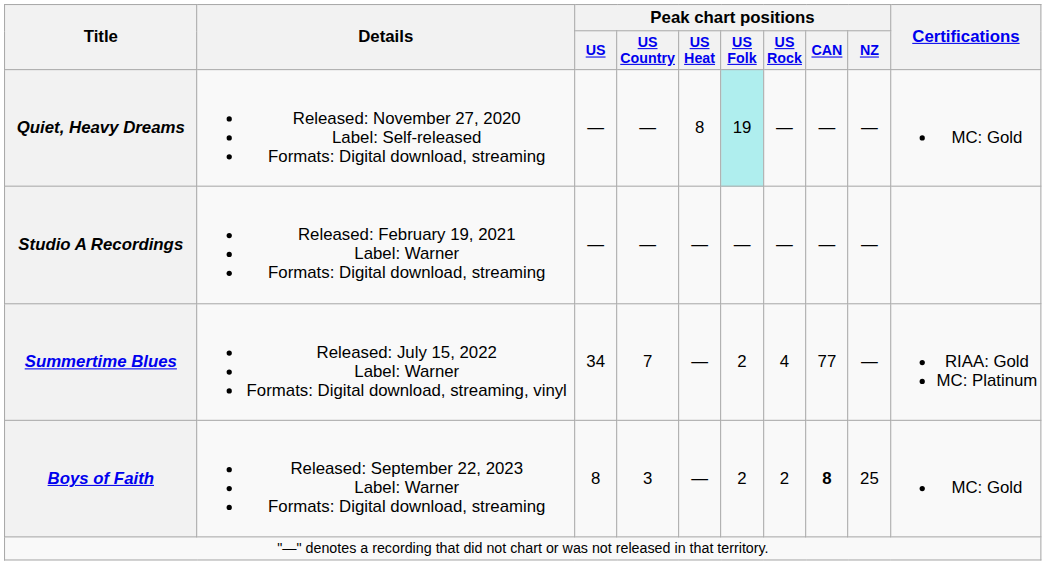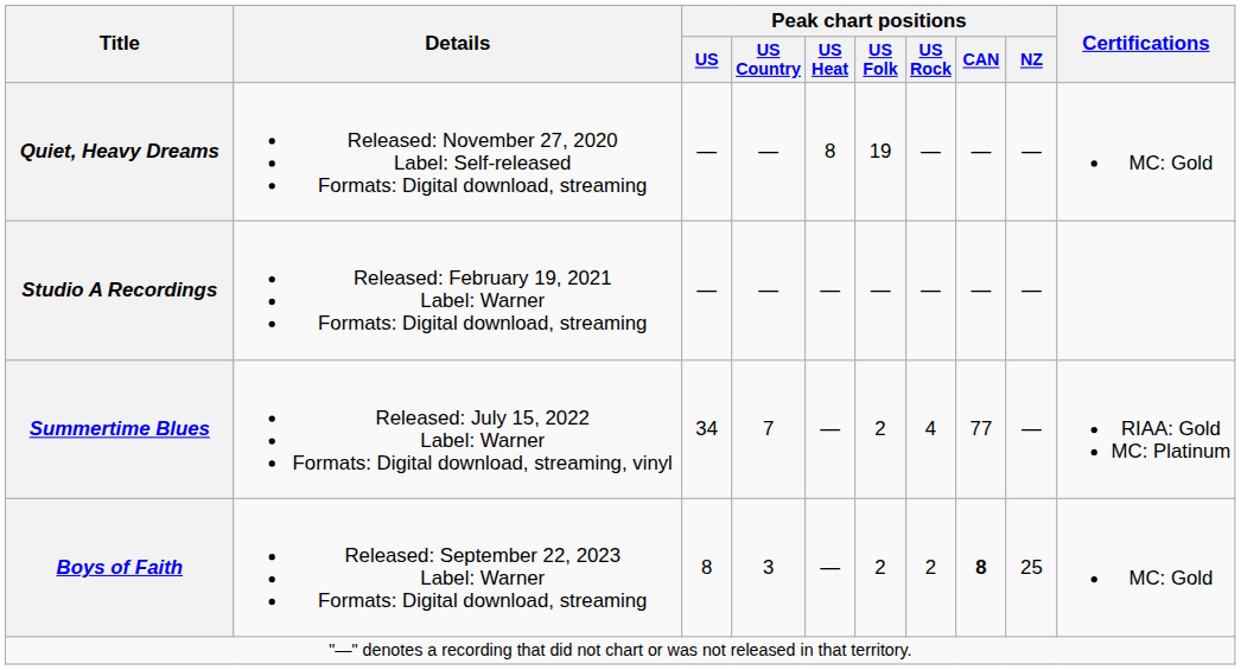 <table class="wikitable plainrowheaders" style="text-align:center;">
 <tr>
 <th scope="col" rowspan="2" style="width:11em;">Title</th>
 <th scope="col" rowspan="2" style="width:22em;">Details</th>
 <th scope="col" colspan="7">Peak chart positions</th>
 <th scope="col" rowspan="2"><a href='#'>Certifications</a></th>
 </tr>
 <tr>
 <th scope="col" style="width:2.5em;font-size:85%;"><a href='#'>US</a><br></th>
 <th scope="col" style="width:2.5em;font-size:85%;"><a href='#'>US<br>Country</a><br></th>
 <th scope="col" style="width:2.5em;font-size:85%;"><a href='#'>US<br>Heat</a><br></th>
 <th scope="col" style="width:2.5em;font-size:85%;"><a href='#'>US<br>Folk</a><br></th>
 <th scope="col" style="width:2.5em;font-size:85%;"><a href='#'>US Rock</a><br></th>
 <th scope="col" style="width:2.5em;font-size:85%;"><a href='#'>CAN</a><br></th>
 <th scope="col" style="width:2.5em;font-size:85%;"><a href='#'>NZ</a><br></th>
 </tr>
 <tr>
 <th scope="row"><em>Quiet, Heavy Dreams</em></th>
 <td><br><ul><li>Released: November 27, 2020</li><li>Label: Self-released</li><li>Formats: Digital download, streaming</li></ul></td>
 <td>—</td>
 <td>—</td>
 <td>8</td>
-<td style="background: paleturquoise;">19</td>
+<td>19</td>
 <td>—</td>
 <td>—</td>
 <td>—</td>
 <td><br><ul><li>MC: Gold</li></ul></td>
 </tr>
 <tr>
 <th scope="row"><em>Studio A Recordings</em></th>
 <td><br><ul><li>Released: February 19, 2021</li><li>Label: Warner</li><li>Formats: Digital download, streaming</li></ul></td>
 <td>—</td>
 <td>—</td>
 <td>—</td>
 <td>—</td>
 <td>—</td>
 <td>—</td>
 <td>—</td>
 <td></td>
 </tr>
 <tr>
 <th scope="row"><em><a href='#'>Summertime Blues</a></em></th>
 <td><br><ul><li>Released: July 15, 2022</li><li>Label: Warner</li><li>Formats: Digital download, streaming, vinyl</li></ul></td>
 <td>34</td>
 <td>7</td>
 <td>—</td>
 <td>2</td>
 <td>4</td>
 <td>77</td>
 <td>—</td>
 <td><br><ul><li>RIAA: Gold</li><li>MC: Platinum</li></ul></td>
 </tr>
 <tr>
 <th scope="row"><em><a href='#'>Boys of Faith</a></em></th>
 <td><br><ul><li>Released: September 22, 2023</li><li>Label: Warner</li><li>Formats: Digital download, streaming</li></ul></td>
 <td>8</td>
 <td>3</td>
 <td>—</td>
 <td>2</td>
 <td>2</td>
 <td><strong>8</strong></td>
 <td>25</td>
 <td><br><ul><li>MC: Gold</li></ul></td>
 </tr>
 <tr>
 <td colspan="10" style="font-size:85%">"—" denotes a recording that did not chart or was not released in that territory.</td>
 </tr>
 </table>
